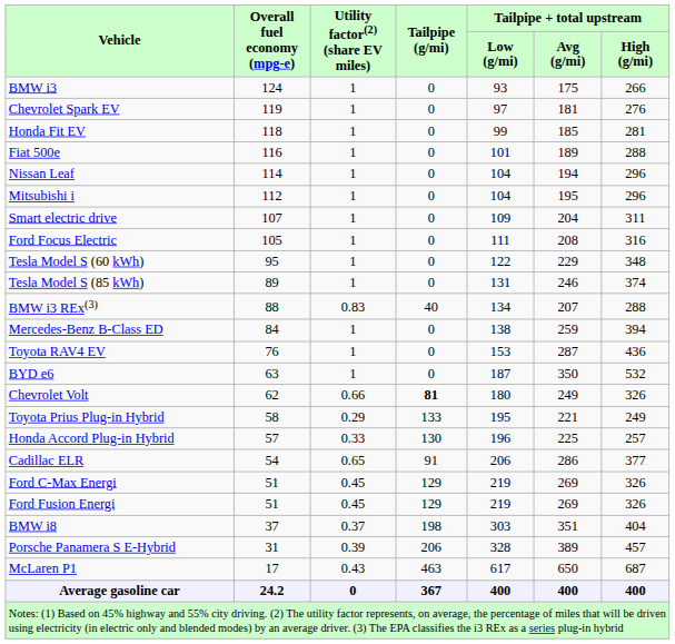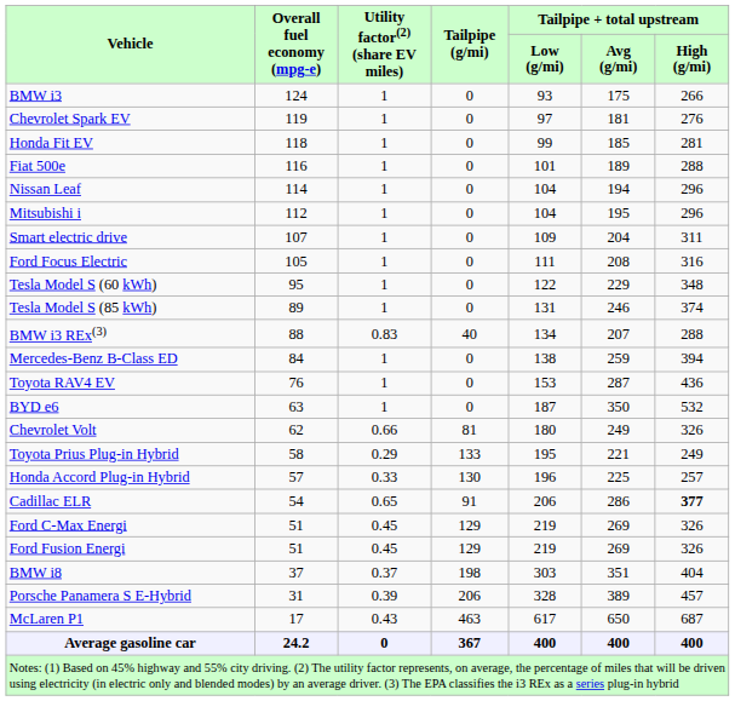 <table class=" wikitable" style="text-align:center;margin: 1em auto 1em auto">
 <tr>
 <th style="background:#cfc;" rowspan="2">Vehicle</th>
 <th style="background:#cfc;" rowspan="2">Overall<br>fuel<br> economy<br>(<a href='#'>mpg-e</a>)</th>
 <th style="background:#cfc;" rowspan="2">Utility<br>factor<sup>(2)</sup><br>(share EV<br>miles)</th>
 <th style="background:#cfc;" rowspan="2">Tailpipe <br>(g/mi)</th>
 <th style="background:#cfc;" colspan="3">Tailpipe + total upstream </th>
 </tr>
 <tr>
 <th style="background:#cfc;">Low<br>(g/mi)</th>
 <th style="background:#cfc;">Avg<br>(g/mi)</th>
 <th style="background:#cfc;">High<br>(g/mi)<br></th>
 </tr>
 <tr>
 <td align=left><a href='#'>BMW i3</a></td>
 <td>124</td>
 <td>1</td>
 <td>0</td>
 <td>93</td>
 <td>175</td>
 <td>266</td>
 </tr>
 <tr>
 <td align=left><a href='#'>Chevrolet Spark EV</a></td>
 <td>119</td>
 <td>1</td>
 <td>0</td>
 <td>97</td>
 <td>181</td>
 <td>276</td>
 </tr>
 <tr>
 <td align=left><a href='#'>Honda Fit EV</a></td>
 <td>118</td>
 <td>1</td>
 <td>0</td>
 <td>99</td>
 <td>185</td>
 <td>281</td>
 </tr>
 <tr>
 <td align=left><a href='#'>Fiat 500e</a></td>
 <td>116</td>
 <td>1</td>
 <td>0</td>
 <td>101</td>
 <td>189</td>
 <td>288</td>
 </tr>
 <tr>
 <td align=left><a href='#'>Nissan Leaf</a></td>
 <td>114</td>
 <td>1</td>
 <td>0</td>
 <td>104</td>
 <td>194</td>
 <td>296</td>
 </tr>
 <tr>
 <td align=left><a href='#'>Mitsubishi i</a></td>
 <td>112</td>
 <td>1</td>
 <td>0</td>
 <td>104</td>
 <td>195</td>
 <td>296</td>
 </tr>
 <tr>
 <td align=left><a href='#'>Smart electric drive</a></td>
 <td>107</td>
 <td>1</td>
 <td>0</td>
 <td>109</td>
 <td>204</td>
 <td>311</td>
 </tr>
 <tr>
 <td align=left><a href='#'>Ford Focus Electric</a></td>
 <td>105</td>
 <td>1</td>
 <td>0</td>
 <td>111</td>
 <td>208</td>
 <td>316</td>
 </tr>
 <tr>
 <td align=left><a href='#'>Tesla Model S</a> (60 <a href='#'>kWh</a>)</td>
 <td>95</td>
 <td>1</td>
 <td>0</td>
 <td>122</td>
 <td>229</td>
 <td>348</td>
 </tr>
 <tr>
 <td align=left><a href='#'>Tesla Model S</a> (85 <a href='#'>kWh</a>)</td>
 <td>89</td>
 <td>1</td>
 <td>0</td>
 <td>131</td>
 <td>246</td>
 <td>374</td>
 </tr>
 <tr>
 <td align=left><a href='#'>BMW i3 REx</a><sup>(3)</sup></td>
 <td>88</td>
 <td>0.83</td>
 <td>40</td>
 <td>134</td>
 <td>207</td>
 <td>288</td>
 </tr>
 <tr>
 <td align=left><a href='#'>Mercedes-Benz B-Class ED</a></td>
 <td>84</td>
 <td>1</td>
 <td>0</td>
 <td>138</td>
 <td>259</td>
 <td>394</td>
 </tr>
 <tr>
 <td align=left><a href='#'>Toyota RAV4 EV</a></td>
 <td>76</td>
 <td>1</td>
 <td>0</td>
 <td>153</td>
 <td>287</td>
 <td>436</td>
 </tr>
 <tr>
 <td align=left><a href='#'>BYD e6</a></td>
 <td>63</td>
 <td>1</td>
 <td>0</td>
 <td>187</td>
 <td>350</td>
 <td>532</td>
 </tr>
 <tr>
 <td align=left><a href='#'>Chevrolet Volt</a></td>
 <td>62</td>
 <td>0.66</td>
-<td><strong>81</strong></td>
+<td>81</td>
 <td>180</td>
 <td>249</td>
 <td>326</td>
 </tr>
 <tr>
 <td align=left><a href='#'>Toyota Prius Plug-in Hybrid</a></td>
 <td>58</td>
 <td>0.29</td>
 <td>133</td>
 <td>195</td>
 <td>221</td>
 <td>249</td>
 </tr>
 <tr>
 <td align=left><a href='#'>Honda Accord Plug-in Hybrid</a></td>
 <td>57</td>
 <td>0.33</td>
 <td>130</td>
 <td>196</td>
 <td>225</td>
 <td>257</td>
 </tr>
 <tr>
 <td align=left><a href='#'>Cadillac ELR</a></td>
 <td>54</td>
 <td>0.65</td>
 <td>91</td>
 <td>206</td>
 <td>286</td>
-<td>377</td>
+<td><strong>377</strong></td>
 </tr>
 <tr>
 <td align=left><a href='#'>Ford C-Max Energi</a></td>
 <td>51</td>
 <td>0.45</td>
 <td>129</td>
 <td>219</td>
 <td>269</td>
 <td>326</td>
 </tr>
 <tr>
 <td align=left><a href='#'>Ford Fusion Energi</a></td>
 <td>51</td>
 <td>0.45</td>
 <td>129</td>
 <td>219</td>
 <td>269</td>
 <td>326</td>
 </tr>
 <tr>
 <td align=left><a href='#'>BMW i8</a></td>
 <td>37</td>
 <td>0.37</td>
 <td>198</td>
 <td>303</td>
 <td>351</td>
 <td>404</td>
 </tr>
 <tr>
 <td align=left><a href='#'>Porsche Panamera S E-Hybrid</a></td>
 <td>31</td>
 <td>0.39</td>
 <td>206</td>
 <td>328</td>
 <td>389</td>
 <td>457</td>
 </tr>
 <tr>
 <td align=left><a href='#'>McLaren P1</a></td>
 <td>17</td>
 <td>0.43</td>
 <td>463</td>
 <td>617</td>
 <td>650</td>
 <td>687</td>
 </tr>
 <tr>
 <th style="background:#f0f0ff;">Average gasoline car</th>
 <th style="background:#f0f0ff;">24.2</th>
 <th style="background:#f0f0ff;">0</th>
 <th style="background:#f0f0ff;">367</th>
 <th style="background:#f0f0ff;">400</th>
 <th style="background:#f0f0ff;">400</th>
 <th style="background:#f0f0ff;">400</th>
 </tr>
 <tr>
 <td colspan="7"  style="text-align:left; background:#cfc;"><small>Notes: (1) Based on 45% highway and 55% city driving. (2) The utility factor represents, on average, the percentage of miles that will be driven<br> using electricity (in electric only and blended modes) by an average driver. (3) The EPA classifies the i3 REx as a <a href='#'>series</a> plug-in hybrid</small></td>
 </tr>
 </table>
